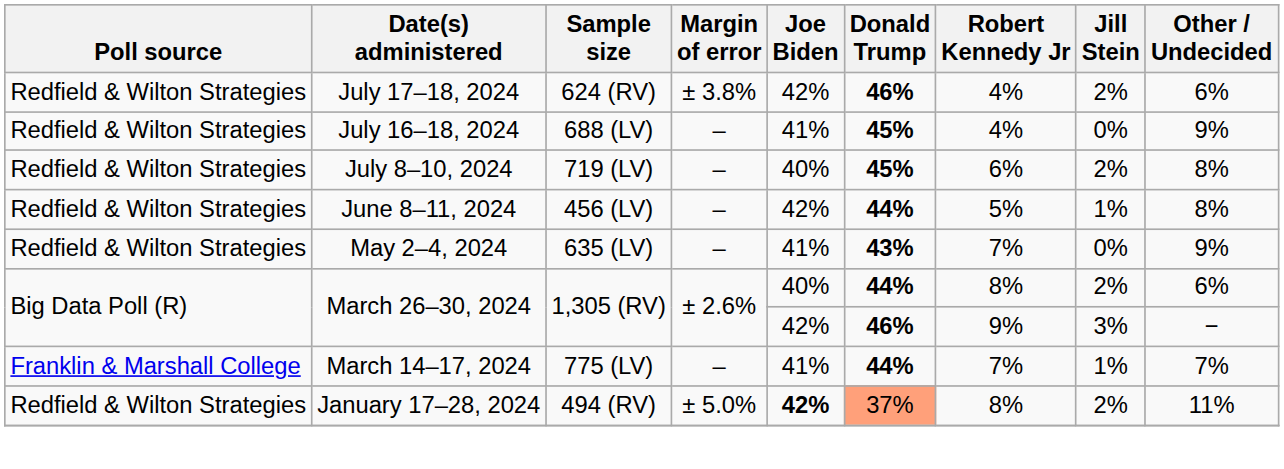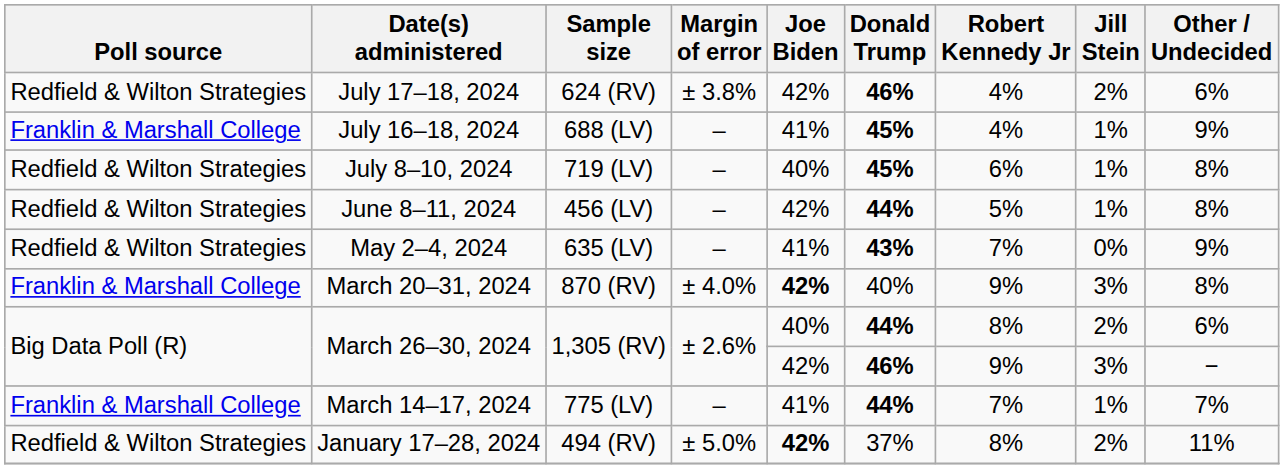 <table class="wikitable sortable mw-datatable" style="font-size:90%;text-align:center;line-height:17px">
 <tr valign=bottom>
 <th>Poll source</th>
 <th>Date(s)<br>administered</th>
 <th>Sample<br>size</th>
 <th>Margin<br>of error</th>
 <th class="unsortable">Joe<br>Biden<br></th>
 <th class="unsortable">Donald<br>Trump<br></th>
 <th class="unsortable">Robert<br>Kennedy Jr<br></th>
 <th class="unsortable">Jill<br>Stein<br></th>
 <th class="unsortable">Other /<br>Undecided</th>
 </tr>
 <tr>
 <td style="text-align:left;">Redfield & Wilton Strategies</td>
 <td data-sort-value="2024-07-18">July 17–18, 2024</td>
 <td>624 (RV)</td>
 <td>± 3.8%</td>
 <td>42%</td>
 <td style="background-color:"><strong>46%</strong></td>
 <td>4%</td>
 <td>2%</td>
 <td>6%</td>
 </tr>
 <tr>
-<td style="text-align:left;">Redfield & Wilton Strategies</td>
+<td style="text-align:left;"><a href='#'>Franklin & Marshall College</a></td>
 <td data-sort-value="2024-07-18">July 16–18, 2024</td>
 <td>688 (LV)</td>
 <td>–</td>
 <td>41%</td>
 <td style="background-color:"><strong>45%</strong></td>
 <td>4%</td>
-<td>0%</td>
+<td>1%</td>
 <td>9%</td>
 </tr>
 <tr>
 <td style="text-align:left;">Redfield & Wilton Strategies</td>
 <td data-sort-value="2024-07-10">July 8–10, 2024</td>
 <td>719 (LV)</td>
 <td>–</td>
 <td>40%</td>
 <td style="background-color:"><strong>45%</strong></td>
 <td>6%</td>
-<td>2%</td>
+<td>1%</td>
 <td>8%</td>
 </tr>
 <tr>
 <td style="text-align:left;">Redfield & Wilton Strategies</td>
 <td data-sort-value="2024-07-10">June 8–11, 2024</td>
 <td>456 (LV)</td>
 <td>–</td>
 <td>42%</td>
 <td style="background-color:"><strong>44%</strong></td>
 <td>5%</td>
 <td>1%</td>
 <td>8%</td>
 </tr>
 <tr>
 <td style="text-align:left;">Redfield & Wilton Strategies</td>
 <td data-sort-value="2024-05-13">May 2–4, 2024</td>
 <td>635 (LV)</td>
 <td>–</td>
 <td>41%</td>
 <td style="background-color:"><strong>43%</strong></td>
 <td>7%</td>
 <td>0%</td>
 <td>9%</td>
+</tr>
+<tr>
+<td style="text-align:left;"><a href='#'>Franklin & Marshall College</a></td>
+<td data-sort-value="2024-04-04">March 20–31, 2024</td>
+<td>870 (RV)</td>
+<td>± 4.0%</td>
+<td style="color:black;background-color:"><strong>42%</strong></td>
+<td>40%</td>
+<td>9%</td>
+<td>3%</td>
+<td>8%</td>
 </tr>
 <tr>
 <td style="text-align:left;" rowspan="2">Big Data Poll (R)</td>
 <td rowspan="2">March 26–30, 2024</td>
 <td rowspan="2">1,305 (RV)</td>
 <td rowspan="2">± 2.6%</td>
 <td>40%</td>
 <td style="background-color:"><strong>44%</strong></td>
 <td>8%</td>
 <td>2%</td>
 <td>6%</td>
 </tr>
 <tr>
 <td>42%</td>
 <td style="background-color:"><strong>46%</strong></td>
 <td>9%</td>
 <td>3%</td>
 <td>−</td>
 </tr>
 <tr>
 <td style="text-align:left;"><a href='#'>Franklin & Marshall College</a></td>
 <td data-sort-value="2024-03-25">March 14–17, 2024</td>
 <td>775 (LV)</td>
 <td>–</td>
 <td>41%</td>
 <td style="background-color:"><strong>44%</strong></td>
 <td>7%</td>
 <td>1%</td>
 <td>7%</td>
 </tr>
 <tr>
 <td style="text-align:left;">Redfield & Wilton Strategies</td>
 <td data-sort-value="2024-02-01">January 17–28, 2024</td>
 <td>494 (RV)</td>
 <td>± 5.0%</td>
 <td style="color:black;background-color:"><strong>42%</strong></td>
-<td style="background: lightsalmon;">37%</td>
+<td>37%</td>
 <td>8%</td>
 <td>2%</td>
 <td>11%</td>
 </tr>
 <tr>
 </tr>
 </table>
